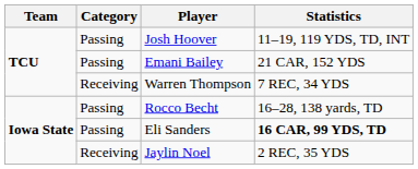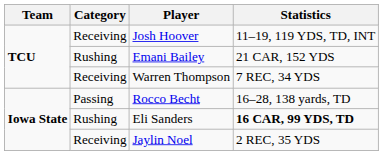 <table class="wikitable" style="float: right;">
 <tr>
 <th>Team</th>
 <th>Category</th>
 <th>Player</th>
 <th>Statistics</th>
 </tr>
 <tr>
 <td rowspan=3><strong>TCU</strong></td>
-<td>Passing</td>
+<td>Receiving</td>
 <td><a href='#'>Josh Hoover</a></td>
 <td>11–19, 119 YDS, TD, INT</td>
 </tr>
 <tr>
-<td>Passing</td>
+<td>Rushing</td>
 <td><a href='#'>Emani Bailey</a></td>
 <td>21 CAR, 152 YDS</td>
 </tr>
 <tr>
 <td>Receiving</td>
 <td>Warren Thompson</td>
 <td>7 REC, 34 YDS</td>
 </tr>
 <tr>
 <td rowspan=3><strong>Iowa State</strong></td>
 <td>Passing</td>
 <td><a href='#'>Rocco Becht</a></td>
 <td>16–28, 138 yards, TD</td>
 </tr>
 <tr>
-<td>Passing</td>
+<td>Rushing</td>
 <td>Eli Sanders</td>
 <td><strong>16 CAR, 99 YDS, TD</strong></td>
 </tr>
 <tr>
 <td>Receiving</td>
 <td><a href='#'>Jaylin Noel</a></td>
 <td>2 REC, 35 YDS</td>
 </tr>
 </table>
